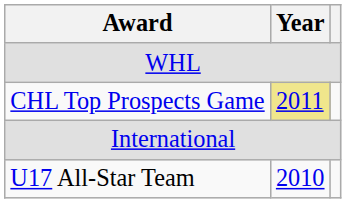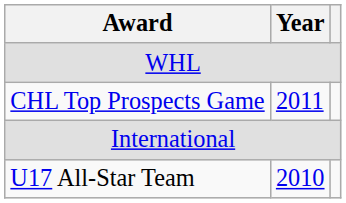 <table class="wikitable">
 <tr>
 <th>Award</th>
 <th>Year</th>
 <th></th>
 </tr>
 <tr ALIGN="center" bgcolor="#e0e0e0">
 <td colspan="3"><a href='#'>WHL</a></td>
 </tr>
 <tr>
 <td><a href='#'>CHL Top Prospects Game</a></td>
-<td style="background: khaki;"><a href='#'>2011</a></td>
+<td><a href='#'>2011</a></td>
 <td></td>
 </tr>
 <tr ALIGN="center" bgcolor="#e0e0e0">
 <td colspan="3"><a href='#'>International</a></td>
 </tr>
 <tr>
 <td><a href='#'>U17</a> All-Star Team</td>
 <td><a href='#'>2010</a></td>
 <td></td>
 </tr>
 </table>
